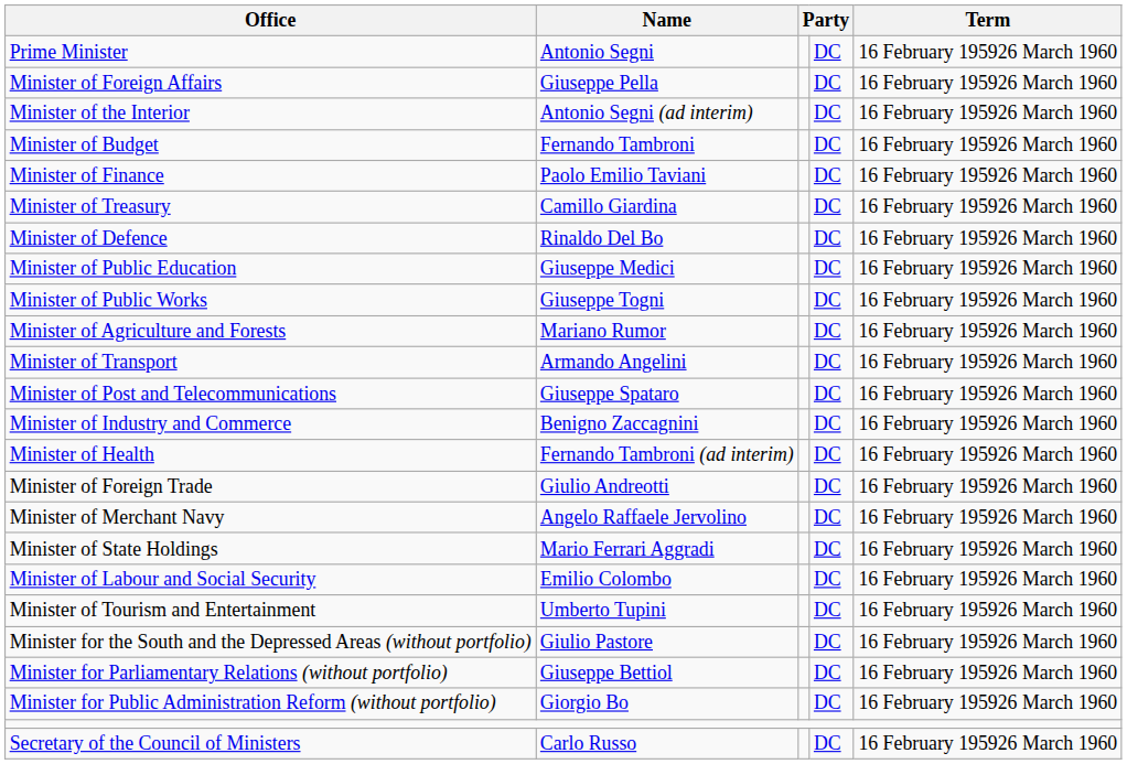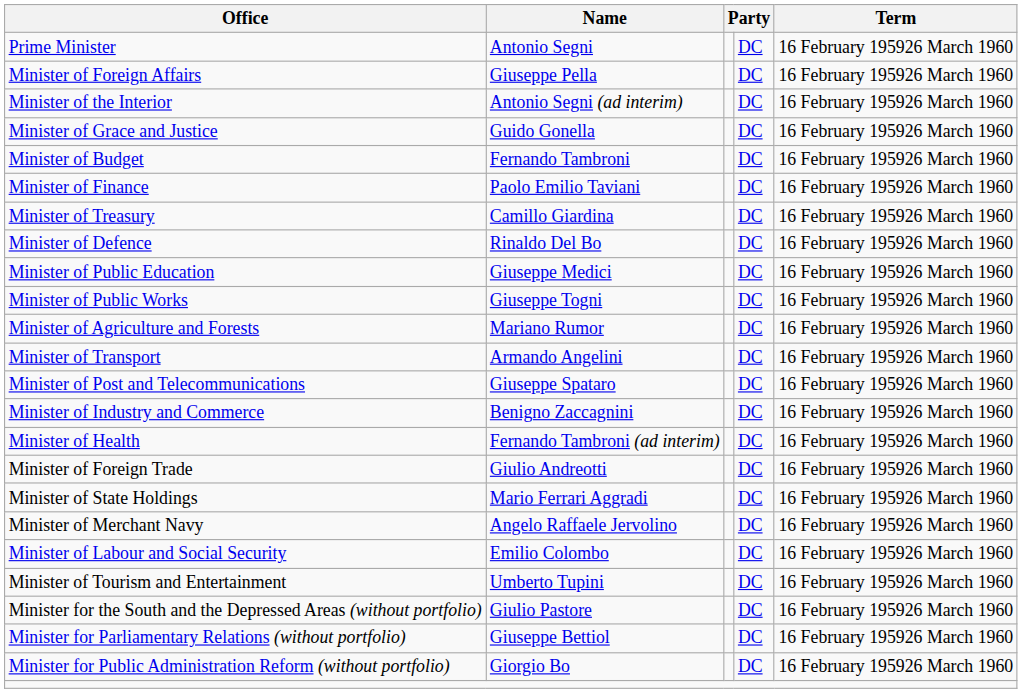 <table class="wikitable">
 <tr>
 <th>Office</th>
 <th>Name</th>
 <th colspan=2>Party</th>
 <th>Term</th>
 </tr>
 <tr>
 <td><a href='#'>Prime Minister</a></td>
 <td><a href='#'>Antonio Segni</a></td>
 <td></td>
 <td><a href='#'>DC</a></td>
 <td>16 February 195926 March 1960</td>
 </tr>
 <tr>
 <td><a href='#'>Minister of Foreign Affairs</a></td>
 <td><a href='#'>Giuseppe Pella</a></td>
 <td style="color:inherit;background:"></td>
 <td><a href='#'>DC</a></td>
 <td>16 February 195926 March 1960</td>
 </tr>
 <tr>
 <td><a href='#'>Minister of the Interior</a></td>
 <td><a href='#'>Antonio Segni</a> <em>(ad interim)</em></td>
+<td style="color:inherit;background:"></td>
+<td><a href='#'>DC</a></td>
+<td>16 February 195926 March 1960</td>
+</tr>
+<tr>
+<td><a href='#'>Minister of Grace and Justice</a></td>
+<td><a href='#'>Guido Gonella</a></td>
 <td style="color:inherit;background:"></td>
 <td><a href='#'>DC</a></td>
 <td>16 February 195926 March 1960</td>
 </tr>
 <tr>
 <td><a href='#'>Minister of Budget</a></td>
 <td><a href='#'>Fernando Tambroni</a></td>
 <td></td>
 <td><a href='#'>DC</a></td>
 <td>16 February 195926 March 1960</td>
 </tr>
 <tr>
 <td><a href='#'>Minister of Finance</a></td>
 <td><a href='#'>Paolo Emilio Taviani</a></td>
 <td style="color:inherit;background:"></td>
 <td><a href='#'>DC</a></td>
 <td>16 February 195926 March 1960</td>
 </tr>
 <tr>
 <td><a href='#'>Minister of Treasury</a></td>
 <td><a href='#'>Camillo Giardina</a></td>
 <td></td>
 <td><a href='#'>DC</a></td>
 <td>16 February 195926 March 1960</td>
 </tr>
 <tr>
 <td><a href='#'>Minister of Defence</a></td>
 <td><a href='#'>Rinaldo Del Bo</a></td>
 <td style="color:inherit;background:"></td>
 <td><a href='#'>DC</a></td>
 <td>16 February 195926 March 1960</td>
 </tr>
 <tr>
 <td><a href='#'>Minister of Public Education</a></td>
 <td><a href='#'>Giuseppe Medici</a></td>
 <td style="color:inherit;background:"></td>
 <td><a href='#'>DC</a></td>
 <td>16 February 195926 March 1960</td>
 </tr>
 <tr>
 <td><a href='#'>Minister of Public Works</a></td>
 <td><a href='#'>Giuseppe Togni</a></td>
 <td style="color:inherit;background:"></td>
 <td><a href='#'>DC</a></td>
 <td>16 February 195926 March 1960</td>
 </tr>
 <tr>
 <td><a href='#'>Minister of Agriculture and Forests</a></td>
 <td><a href='#'>Mariano Rumor</a></td>
 <td style="color:inherit;background:"></td>
 <td><a href='#'>DC</a></td>
 <td>16 February 195926 March 1960</td>
 </tr>
 <tr>
 <td><a href='#'>Minister of Transport</a></td>
 <td><a href='#'>Armando Angelini</a></td>
 <td style="color:inherit;background:"></td>
 <td><a href='#'>DC</a></td>
 <td>16 February 195926 March 1960</td>
 </tr>
 <tr>
 <td><a href='#'>Minister of Post and Telecommunications</a></td>
 <td><a href='#'>Giuseppe Spataro</a></td>
 <td style="color:inherit;background:"></td>
 <td><a href='#'>DC</a></td>
 <td>16 February 195926 March 1960</td>
 </tr>
 <tr>
 <td><a href='#'>Minister of Industry and Commerce</a></td>
 <td><a href='#'>Benigno Zaccagnini</a></td>
 <td style="color:inherit;background:"></td>
 <td><a href='#'>DC</a></td>
 <td>16 February 195926 March 1960</td>
 </tr>
 <tr>
 <td><a href='#'>Minister of Health</a></td>
 <td><a href='#'>Fernando Tambroni</a> <em>(ad interim)</em></td>
 <td style="color:inherit;background:"></td>
 <td><a href='#'>DC</a></td>
 <td>16 February 195926 March 1960</td>
 </tr>
 <tr>
 <td>Minister of Foreign Trade</td>
 <td><a href='#'>Giulio Andreotti</a></td>
 <td></td>
 <td><a href='#'>DC</a></td>
 <td>16 February 195926 March 1960</td>
 </tr>
 <tr>
-<td>Minister of Merchant Navy</td>
-<td><a href='#'>Angelo Raffaele Jervolino</a></td>
-<td></td>
+<td>Minister of State Holdings</td>
+<td><a href='#'>Mario Ferrari Aggradi</a></td>
+<td style="color:inherit;background:"></td>
 <td><a href='#'>DC</a></td>
 <td>16 February 195926 March 1960</td>
 </tr>
 <tr>
-<td>Minister of State Holdings</td>
-<td><a href='#'>Mario Ferrari Aggradi</a></td>
-<td style="color:inherit;background:"></td>
+<td>Minister of Merchant Navy</td>
+<td><a href='#'>Angelo Raffaele Jervolino</a></td>
+<td></td>
 <td><a href='#'>DC</a></td>
 <td>16 February 195926 March 1960</td>
 </tr>
 <tr>
 <td><a href='#'>Minister of Labour and Social Security</a></td>
 <td><a href='#'>Emilio Colombo</a></td>
 <td></td>
 <td><a href='#'>DC</a></td>
 <td>16 February 195926 March 1960</td>
 </tr>
 <tr>
 <td>Minister of Tourism and Entertainment</td>
 <td><a href='#'>Umberto Tupini</a></td>
 <td style="color:inherit;background:"></td>
 <td><a href='#'>DC</a></td>
 <td>16 February 195926 March 1960</td>
 </tr>
 <tr>
 <td>Minister for the South and the Depressed Areas <em>(without portfolio)</em></td>
 <td><a href='#'>Giulio Pastore</a></td>
 <td style="color:inherit;background:"></td>
 <td><a href='#'>DC</a></td>
 <td>16 February 195926 March 1960</td>
 </tr>
 <tr>
 <td><a href='#'>Minister for Parliamentary Relations</a> <em>(without portfolio)</em></td>
 <td><a href='#'>Giuseppe Bettiol</a></td>
 <td style="color:inherit;background:"></td>
 <td><a href='#'>DC</a></td>
 <td>16 February 195926 March 1960</td>
 </tr>
 <tr>
 <td><a href='#'>Minister for Public Administration Reform</a> <em>(without portfolio)</em></td>
 <td><a href='#'>Giorgio Bo</a></td>
 <td style="color:inherit;background:"></td>
 <td><a href='#'>DC</a></td>
 <td>16 February 195926 March 1960</td>
 </tr>
 <tr>
 <td colspan="5"></td>
 </tr>
-<tr>
-<td><a href='#'>Secretary of the Council of Ministers</a></td>
-<td><a href='#'>Carlo Russo</a></td>
-<td style="color:inherit;background:"></td>
-<td><a href='#'>DC</a></td>
-<td>16 February 195926 March 1960</td>
-</tr>
 </table>
